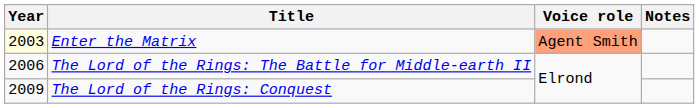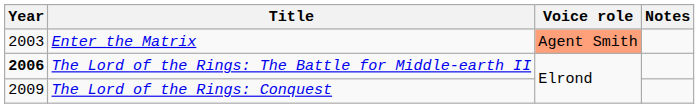 <table class="wikitable sortable">
 <tr>
 <th>Year</th>
 <th>Title</th>
 <th>Voice role</th>
 <th>Notes</th>
 </tr>
 <tr>
-<td style="background: lightyellow;">2003</td>
+<td>2003</td>
 <td><em><a href='#'>Enter the Matrix</a></em></td>
 <td style="background: lightsalmon;">Agent Smith</td>
 <td></td>
 </tr>
 <tr>
-<td>2006</td>
+<td><strong>2006</strong></td>
 <td><em><a href='#'>The Lord of the Rings: The Battle for Middle-earth II</a></em></td>
 <td rowspan=2>Elrond</td>
 <td></td>
 </tr>
 <tr>
 <td>2009</td>
 <td><em><a href='#'>The Lord of the Rings: Conquest</a></em></td>
 <td></td>
 </tr>
 </table>
